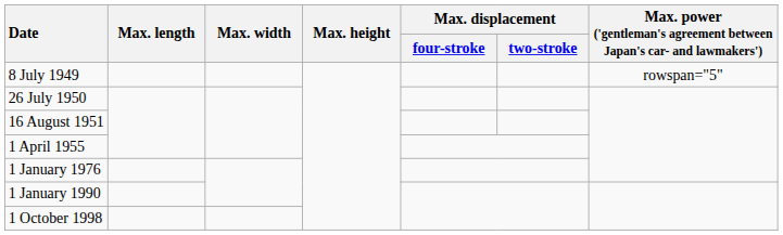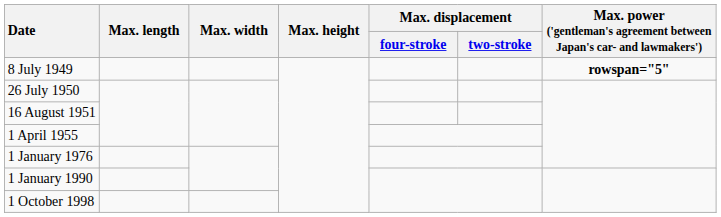 <table class="wikitable" style="text-align:center; padding:5px;">
 <tr>
 <th rowspan="2" style="text-align: left;" "width:9em">Date</th>
 <th rowspan="2" style="width:6em">Max. length</th>
 <th rowspan="2" style="width:6em">Max. width</th>
 <th rowspan="2" style="width:6em">Max. height</th>
 <th colspan="2" style="width:12em">Max. displacement</th>
 <th rowspan="2" style="width:12em">Max. power<br><small>('gentleman's agreement between Japan's car- and lawmakers')</small></th>
 </tr>
 <tr>
 <th><a href='#'>four-stroke</a></th>
 <th><a href='#'>two-stroke</a></th>
 </tr>
 <tr>
 <td style="text-align: left;">8 July 1949</td>
 <td></td>
 <td></td>
 <td rowspan="7"></td>
 <td></td>
 <td></td>
-<td>rowspan="5" </td>
+<td><strong>rowspan="5" </strong></td>
 </tr>
 <tr>
 <td style="text-align: left;">26 July 1950</td>
 <td rowspan="3"></td>
 <td rowspan="3"></td>
 <td></td>
 <td></td>
 </tr>
 <tr>
 <td style="text-align: left;">16 August 1951</td>
 <td></td>
 <td></td>
 </tr>
 <tr>
 <td style="text-align: left;">1 April 1955</td>
 <td colspan="2"></td>
 </tr>
 <tr>
 <td style="text-align: left;">1 January 1976</td>
 <td></td>
 <td rowspan="2"></td>
 <td colspan="2"></td>
 </tr>
 <tr>
 <td style="text-align: left;">1 January 1990</td>
 <td></td>
 <td colspan="2" rowspan="2"></td>
 <td rowspan="2"></td>
 </tr>
 <tr>
 <td style="text-align: left;">1 October 1998</td>
 <td></td>
 <td></td>
 </tr>
 </table>
